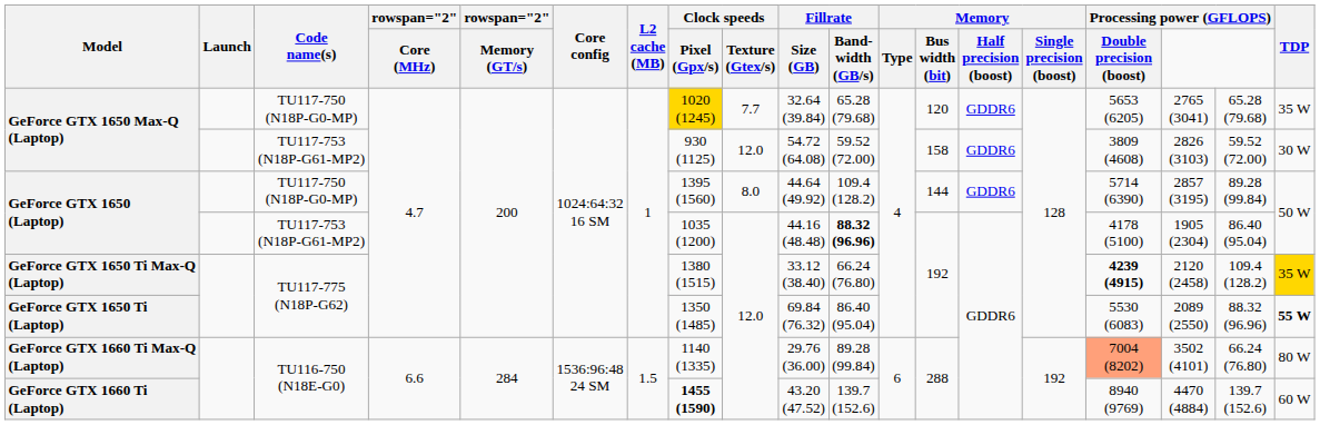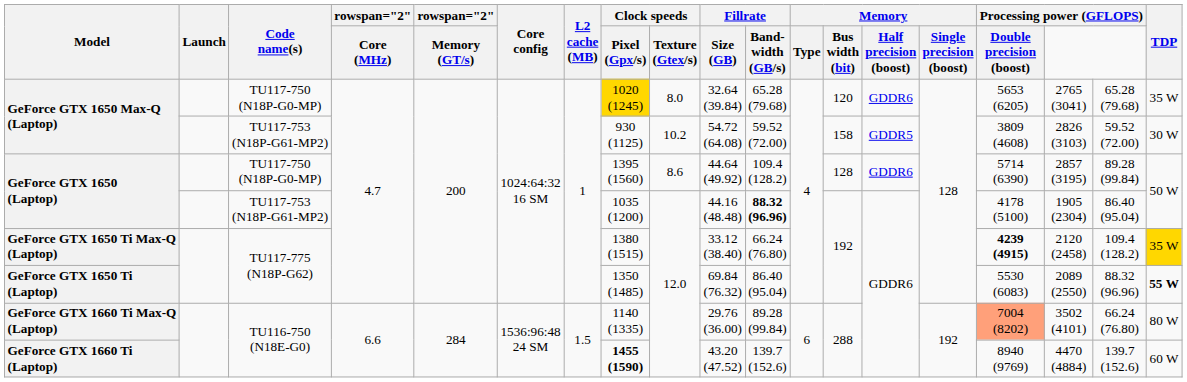 <table class="wikitable sortable sort-under mw-datatable" style="font-size: 85%; text-align: center;">
 <tr>
 <th rowspan="2">Model</th>
 <th rowspan="2">Launch</th>
 <th rowspan="2"><a href='#'>Code<br>name</a>(s)</th>
 <th>rowspan="2" </th>
 <th>rowspan="2" </th>
 <th rowspan="2">Core<br>config</th>
 <th rowspan="2"><a href='#'>L2<br>cache</a><br>(<a href='#'>MB</a>)</th>
 <th colspan="2">Clock speeds</th>
 <th colspan="2"><a href='#'>Fillrate</a></th>
 <th colspan="4"><a href='#'>Memory</a></th>
 <th colspan="3">Processing power (<a href='#'>GFLOPS</a>)</th>
 <th rowspan="2"><a href='#'>TDP</a></th>
 </tr>
 <tr>
 <th>Core<br>(<a href='#'>MHz</a>)</th>
 <th>Memory<br>(<a href='#'>GT/s</a>)</th>
 <th>Pixel<br>(<a href='#'>Gpx</a>/s)</th>
 <th>Texture<br>(<a href='#'>Gtex</a>/s)</th>
 <th>Size<br>(<a href='#'>GB</a>)</th>
 <th>Band-<br>width<br>(<a href='#'>GB</a>/s)</th>
 <th>Type</th>
 <th>Bus<br>width<br>(<a href='#'>bit</a>)</th>
 <th><a href='#'>Half<br>precision</a><br>(boost)</th>
 <th><a href='#'>Single<br>precision</a><br>(boost)</th>
 <th><a href='#'>Double<br>precision</a><br>(boost)</th>
 </tr>
 <tr>
 <th rowspan="2" style="text-align:left;">GeForce GTX 1650 Max-Q<br>(Laptop)</th>
 <td></td>
 <td>TU117-750<br>(N18P-G0-MP)</td>
 <td rowspan="6">4.7</td>
 <td rowspan="6">200</td>
 <td rowspan="6">1024:64:32<br>16 SM</td>
 <td rowspan="6">1</td>
 <td style="background: gold;">1020<br>(1245)</td>
-<td>7.7</td>
+<td>8.0</td>
 <td>32.64<br>(39.84)</td>
 <td>65.28<br>(79.68)</td>
 <td rowspan="6">4</td>
 <td>120</td>
 <td><a href='#'>GDDR6</a></td>
 <td rowspan="6">128</td>
 <td>5653<br>(6205)</td>
 <td>2765<br>(3041)</td>
 <td>65.28<br>(79.68)</td>
 <td>35 W</td>
 </tr>
 <tr>
 <td></td>
 <td>TU117-753<br>(N18P-G61-MP2)</td>
 <td>930<br>(1125)</td>
-<td>12.0</td>
+<td>10.2</td>
 <td>54.72<br>(64.08)</td>
 <td>59.52<br>(72.00)</td>
 <td>158</td>
-<td><a href='#'>GDDR6</a></td>
+<td><a href='#'>GDDR5</a></td>
 <td>3809<br>(4608)</td>
 <td>2826<br>(3103)</td>
 <td>59.52<br>(72.00)</td>
 <td>30 W</td>
 </tr>
 <tr>
 <th rowspan="2" style="text-align:left;">GeForce GTX 1650<br>(Laptop)</th>
 <td></td>
 <td>TU117-750<br>(N18P-G0-MP)</td>
 <td>1395<br>(1560)</td>
-<td>8.0</td>
+<td>8.6</td>
 <td>44.64<br>(49.92)</td>
 <td>109.4<br>(128.2)</td>
-<td>144</td>
+<td>128</td>
 <td><a href='#'>GDDR6</a></td>
 <td>5714<br>(6390)</td>
 <td>2857<br>(3195)</td>
 <td>89.28<br>(99.84)</td>
 <td rowspan="2">50 W</td>
 </tr>
 <tr>
 <td></td>
 <td>TU117-753<br>(N18P-G61-MP2)</td>
 <td>1035<br>(1200)</td>
 <td rowspan="5">12.0</td>
 <td>44.16<br>(48.48)</td>
 <td><strong>88.32<br>(96.96)</strong></td>
 <td rowspan="3">192</td>
 <td rowspan="5">GDDR6</td>
 <td>4178<br>(5100)</td>
 <td>1905<br>(2304)</td>
 <td>86.40<br>(95.04)</td>
 </tr>
 <tr>
 <th style="text-align:left;">GeForce GTX 1650 Ti Max-Q<br>(Laptop)</th>
 <td rowspan="2"></td>
 <td rowspan="2">TU117-775<br>(N18P-G62)</td>
 <td>1380<br>(1515)</td>
 <td>33.12<br>(38.40)</td>
 <td>66.24<br>(76.80)</td>
 <td><strong>4239<br>(4915)</strong></td>
 <td>2120<br>(2458)</td>
 <td>109.4<br>(128.2)</td>
 <td style="background: gold;">35 W</td>
 </tr>
 <tr>
 <th style="text-align:left;">GeForce GTX 1650 Ti<br>(Laptop)</th>
 <td>1350<br>(1485)</td>
 <td>69.84<br>(76.32)</td>
 <td>86.40<br>(95.04)</td>
 <td>5530<br>(6083)</td>
 <td>2089<br>(2550)</td>
 <td>88.32<br>(96.96)</td>
 <td><strong>55 W</strong></td>
 </tr>
 <tr>
 <th style="text-align:left;">GeForce GTX 1660 Ti Max-Q<br>(Laptop)</th>
 <td rowspan="2"></td>
 <td rowspan="2">TU116-750<br>(N18E-G0)</td>
 <td rowspan="2">6.6</td>
 <td rowspan="2">284</td>
 <td rowspan="2">1536:96:48<br>24 SM</td>
 <td rowspan="2">1.5</td>
 <td>1140<br>(1335)</td>
 <td>29.76<br>(36.00)</td>
 <td>89.28<br>(99.84)</td>
 <td rowspan="2">6</td>
 <td rowspan="2">288</td>
 <td rowspan="2">192</td>
 <td style="background: lightsalmon;">7004<br>(8202)</td>
 <td>3502<br>(4101)</td>
 <td>66.24<br>(76.80)</td>
 <td>80 W</td>
 </tr>
 <tr>
 <th style="text-align:left;">GeForce GTX 1660 Ti<br>(Laptop)</th>
 <td><strong>1455<br>(1590)</strong></td>
 <td>43.20<br>(47.52)</td>
 <td>139.7<br>(152.6)</td>
 <td>8940<br>(9769)</td>
 <td>4470<br>(4884)</td>
 <td>139.7<br>(152.6)</td>
 <td>60 W</td>
 </tr>
 </table>
